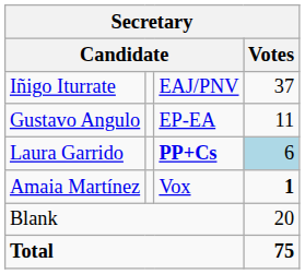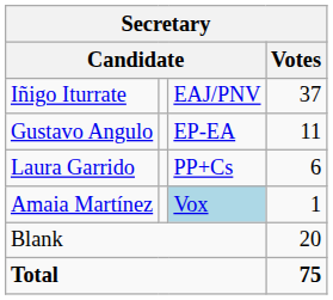 <table class="wikitable" style="font-size:90%; text-align:right;">
 <tr>
 <th colspan="4">Secretary</th>
 </tr>
 <tr>
 <th colspan="3">Candidate</th>
 <th>Votes</th>
 </tr>
 <tr>
 <td align=left><a href='#'>Iñigo Iturrate</a></td>
 <td style="background:"></td>
 <td align=left><a href='#'>EAJ/PNV</a></td>
 <td>37</td>
 </tr>
 <tr>
 <td align=left><a href='#'>Gustavo Angulo</a></td>
 <td style="background:"></td>
 <td align=left><a href='#'>EP-EA</a></td>
 <td>11</td>
 </tr>
 <tr>
 <td align=left><a href='#'>Laura Garrido</a></td>
 <td style="background:"></td>
-<td align=left><strong><a href='#'>PP+Cs</a></strong></td>
-<td style="background: lightblue;">6</td>
+<td align=left><a href='#'>PP+Cs</a></td>
+<td>6</td>
 </tr>
 <tr>
 <td align=left><a href='#'>Amaia Martínez</a></td>
 <td style="background:"></td>
-<td align=left><a href='#'>Vox</a></td>
-<td><strong>1</strong></td>
+<td align=left style="background: lightblue;"><a href='#'>Vox</a></td>
+<td>1</td>
 </tr>
 <tr>
 <td align=left colspan="3">Blank</td>
 <td>20</td>
 </tr>
 <tr style="font-weight:bold">
 <td align=left colspan="3">Total</td>
 <td>75</td>
 </tr>
 </table>
